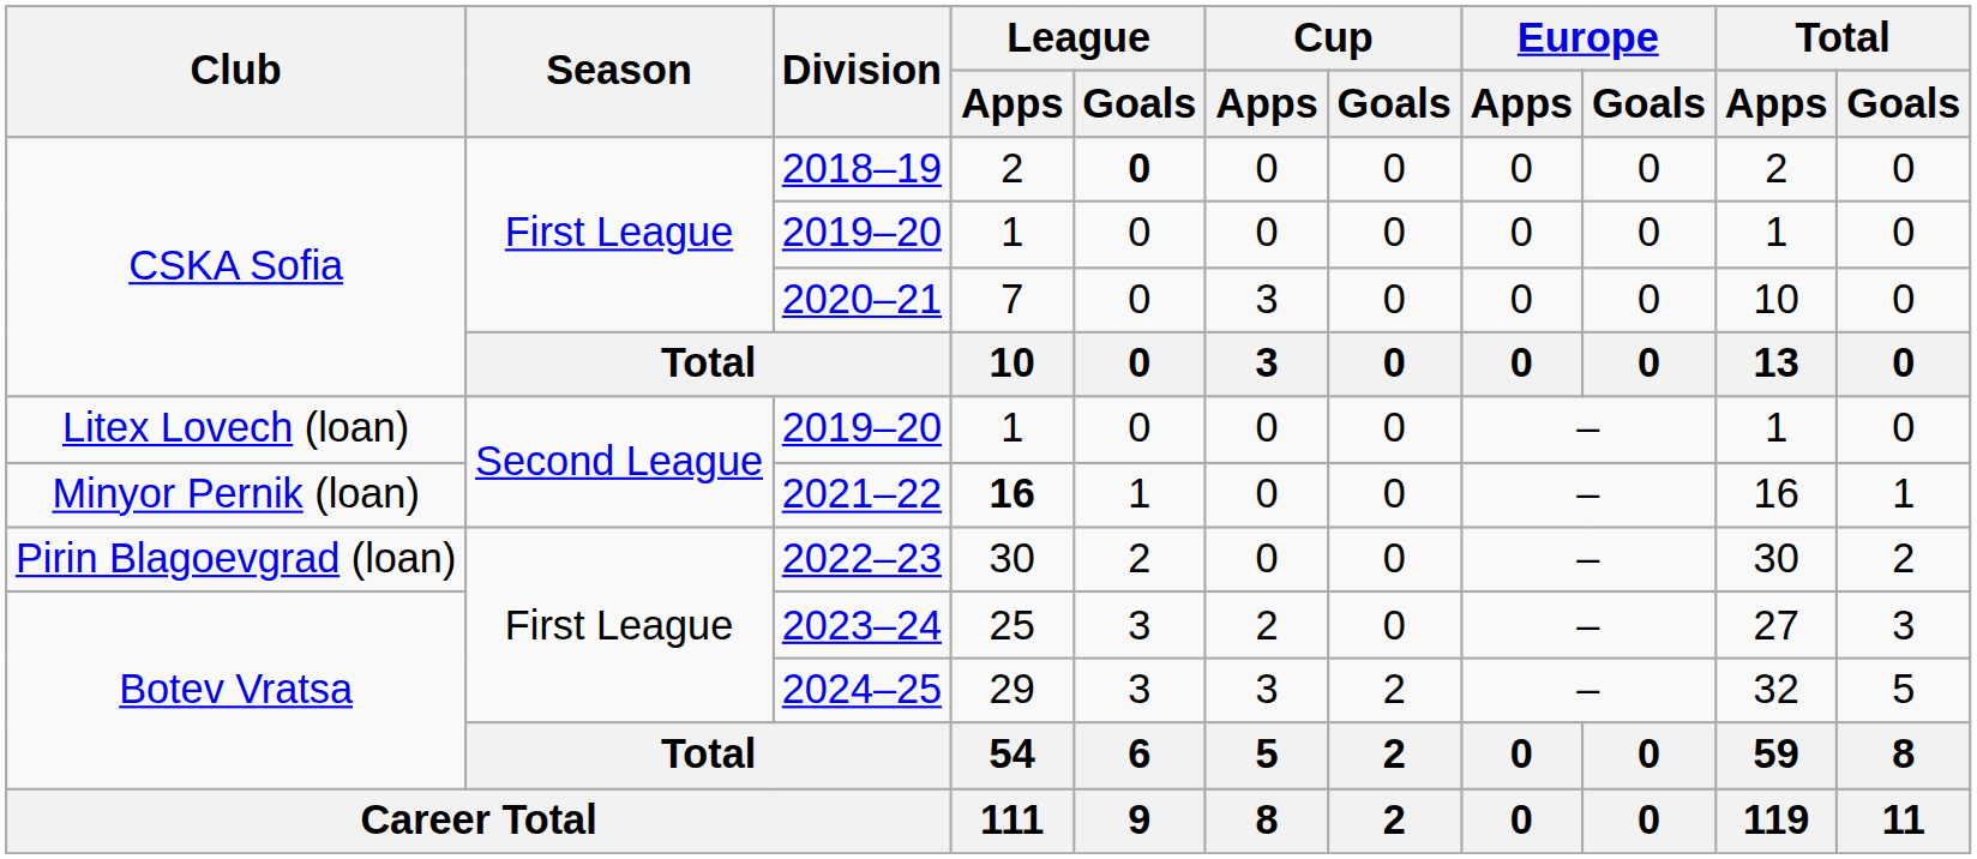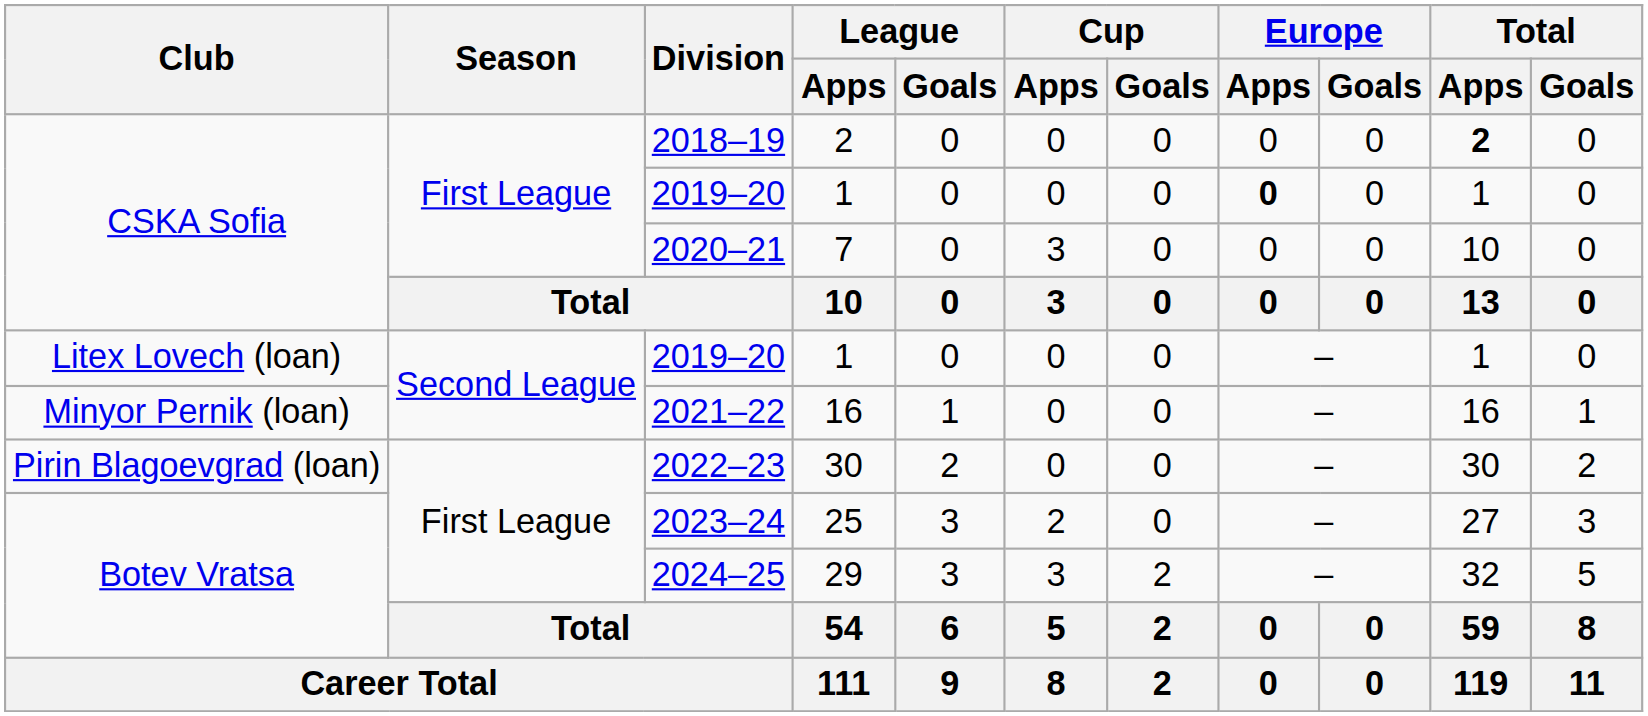 <table class="wikitable" style="text-align: center;">
 <tr>
 <th rowspan="2">Club</th>
 <th rowspan="2">Season</th>
 <th rowspan="2">Division</th>
 <th colspan="2">League</th>
 <th colspan="2">Cup</th>
 <th colspan="2"><a href='#'>Europe</a></th>
 <th colspan="2">Total</th>
 </tr>
 <tr>
 <th width="15">Apps</th>
 <th width="15">Goals</th>
 <th width="15">Apps</th>
 <th width="15">Goals</th>
 <th width="15">Apps</th>
 <th width="15">Goals</th>
 <th width="15">Apps</th>
 <th width="15">Goals</th>
 </tr>
 <tr>
 <td rowspan="4" align=center valign=center><a href='#'>CSKA Sofia</a></td>
 <td rowspan=3><a href='#'>First League</a></td>
 <td><a href='#'>2018–19</a></td>
 <td>2</td>
-<td><strong>0</strong></td>
 <td>0</td>
 <td>0</td>
 <td>0</td>
 <td>0</td>
-<td>2</td>
+<td>0</td>
+<td><strong>2</strong></td>
 <td>0</td>
 </tr>
 <tr>
 <td><a href='#'>2019–20</a></td>
 <td>1</td>
 <td>0</td>
 <td>0</td>
 <td>0</td>
-<td>0</td>
+<td><strong>0</strong></td>
 <td>0</td>
 <td>1</td>
 <td>0</td>
 </tr>
 <tr>
 <td><a href='#'>2020–21</a></td>
 <td>7</td>
 <td>0</td>
 <td>3</td>
 <td>0</td>
 <td>0</td>
 <td>0</td>
 <td>10</td>
 <td>0</td>
 </tr>
 <tr>
 <th colspan="2">Total</th>
 <th>10</th>
 <th>0</th>
 <th>3</th>
 <th>0</th>
 <th>0</th>
 <th>0</th>
 <th>13</th>
 <th>0</th>
 </tr>
 <tr>
 <td align=center valign=center><a href='#'>Litex Lovech</a> (loan)</td>
 <td rowspan=2><a href='#'>Second League</a></td>
 <td><a href='#'>2019–20</a></td>
 <td>1</td>
 <td>0</td>
 <td>0</td>
 <td>0</td>
 <td colspan="2">–</td>
 <td>1</td>
 <td>0</td>
 </tr>
 <tr>
 <td align=center valign=center><a href='#'>Minyor Pernik</a> (loan)</td>
 <td><a href='#'>2021–22</a></td>
-<td><strong>16</strong></td>
+<td>16</td>
 <td>1</td>
 <td>0</td>
 <td>0</td>
 <td colspan="2">–</td>
 <td>16</td>
 <td>1</td>
 </tr>
 <tr>
 <td align=center valign=center><a href='#'>Pirin Blagoevgrad</a> (loan)</td>
 <td rowspan=3>First League</td>
 <td><a href='#'>2022–23</a></td>
 <td>30</td>
 <td>2</td>
 <td>0</td>
 <td>0</td>
 <td colspan="2">–</td>
 <td>30</td>
 <td>2</td>
 </tr>
 <tr>
 <td align=center valign=center rowspan=3><a href='#'>Botev Vratsa</a></td>
 <td><a href='#'>2023–24</a></td>
 <td>25</td>
 <td>3</td>
 <td>2</td>
 <td>0</td>
 <td colspan="2">–</td>
 <td>27</td>
 <td>3</td>
 </tr>
 <tr>
 <td><a href='#'>2024–25</a></td>
 <td>29</td>
 <td>3</td>
 <td>3</td>
 <td>2</td>
 <td colspan="2">–</td>
 <td>32</td>
 <td>5</td>
 </tr>
 <tr>
 <th colspan="2">Total</th>
 <th>54</th>
 <th>6</th>
 <th>5</th>
 <th>2</th>
 <th>0</th>
 <th>0</th>
 <th>59</th>
 <th>8</th>
 </tr>
 <tr>
 <th colspan=3>Career Total</th>
 <th>111</th>
 <th>9</th>
 <th>8</th>
 <th>2</th>
 <th>0</th>
 <th>0</th>
 <th>119</th>
 <th>11</th>
 </tr>
 </table>
